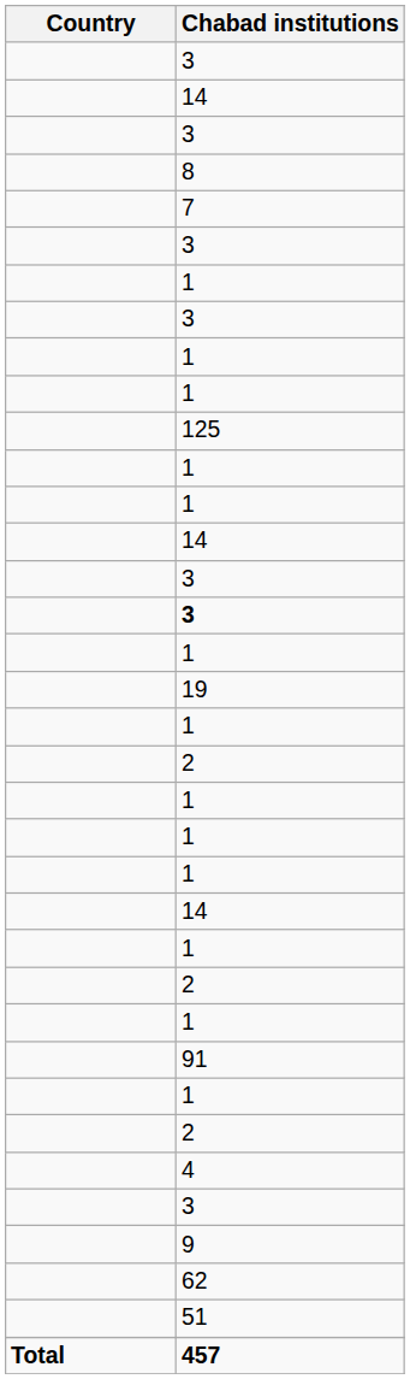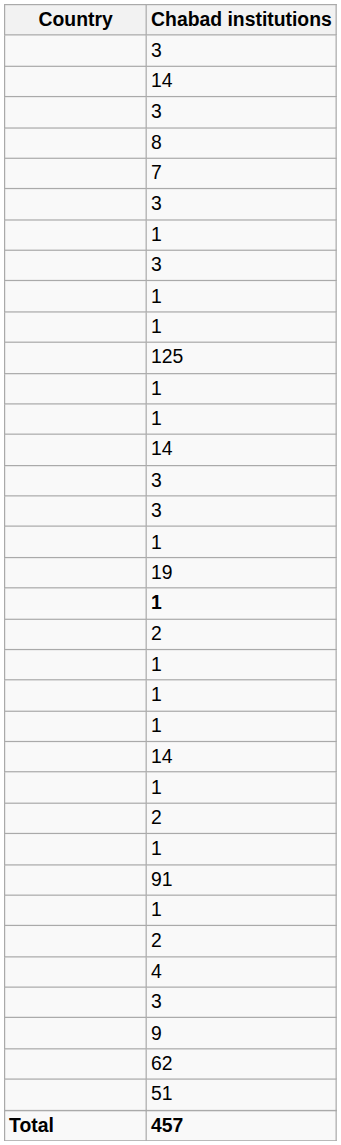 <table class="wikitable sortable">
 <tr>
 <th style="width:110px;">Country</th>
 <th data-sort-type="number">Chabad institutions</th>
 </tr>
 <tr>
 <td style="text-align:left;"></td>
 <td>3</td>
 </tr>
 <tr>
 <td style="text-align:left;"></td>
 <td>14</td>
 </tr>
 <tr>
 <td style="text-align:left;"></td>
 <td>3</td>
 </tr>
 <tr>
 <td style="text-align:left;"></td>
 <td>8</td>
 </tr>
 <tr>
 <td style="text-align:left;"></td>
 <td>7</td>
 </tr>
 <tr>
 <td style="text-align:left;"></td>
 <td>3</td>
 </tr>
 <tr>
 <td style="text-align:left;"></td>
 <td>1</td>
 </tr>
 <tr>
 <td style="text-align:left;"></td>
 <td>3</td>
 </tr>
 <tr>
 <td style="text-align:left;"></td>
 <td>1</td>
 </tr>
 <tr>
 <td style="text-align:left;"></td>
 <td>1</td>
 </tr>
 <tr>
 <td style="text-align:left;"></td>
 <td>125</td>
 </tr>
 <tr>
 <td style="text-align:left;"></td>
 <td>1</td>
 </tr>
 <tr>
 <td style="text-align:left;"></td>
 <td>1</td>
 </tr>
 <tr>
 <td style="text-align:left;"></td>
 <td>14</td>
 </tr>
 <tr>
 <td style="text-align:left;"></td>
 <td>3</td>
 </tr>
 <tr>
 <td style="text-align:left;"></td>
-<td><strong>3</strong></td>
+<td>3</td>
 </tr>
 <tr>
 <td style="text-align:left;"></td>
 <td>1</td>
 </tr>
 <tr>
 <td style="text-align:left;"></td>
 <td>19</td>
 </tr>
 <tr>
 <td style="text-align:left;"></td>
-<td>1</td>
+<td><strong>1</strong></td>
 </tr>
 <tr>
 <td style="text-align:left;"></td>
 <td>2</td>
 </tr>
 <tr>
 <td style="text-align:left;"></td>
 <td>1</td>
 </tr>
 <tr>
 <td style="text-align:left;"></td>
 <td>1</td>
 </tr>
 <tr>
 <td style="text-align:left;"></td>
 <td>1</td>
 </tr>
 <tr>
 <td style="text-align:left;"></td>
 <td>14</td>
 </tr>
 <tr>
 <td style="text-align:left;"></td>
 <td>1</td>
 </tr>
 <tr>
 <td style="text-align:left;"></td>
 <td>2</td>
 </tr>
 <tr>
 <td style="text-align:left;"></td>
 <td>1</td>
 </tr>
 <tr>
 <td style="text-align:left;"></td>
 <td>91</td>
 </tr>
 <tr>
 <td style="text-align:left;"></td>
 <td>1</td>
 </tr>
 <tr>
 <td style="text-align:left;"></td>
 <td>2</td>
 </tr>
 <tr>
 <td style="text-align:left;"></td>
 <td>4</td>
 </tr>
 <tr>
 <td style="text-align:left;"></td>
 <td>3</td>
 </tr>
 <tr>
 <td style="text-align:left;"></td>
 <td>9</td>
 </tr>
 <tr>
 <td style="text-align:left;"></td>
 <td>62</td>
 </tr>
 <tr>
 <td style="text-align:left;"></td>
 <td>51</td>
 </tr>
 <tr>
 </tr>
 <tr class="sortbottom">
 <td><strong>Total</strong></td>
 <td><strong>457</strong></td>
 </tr>
 </table>
